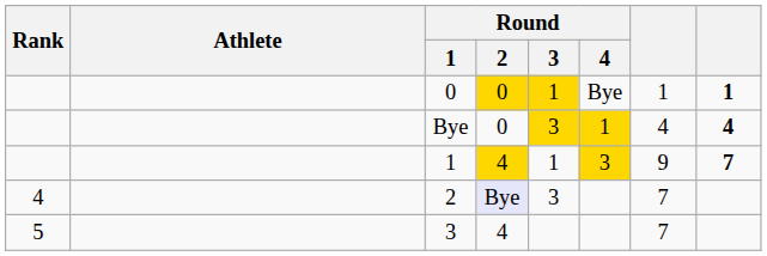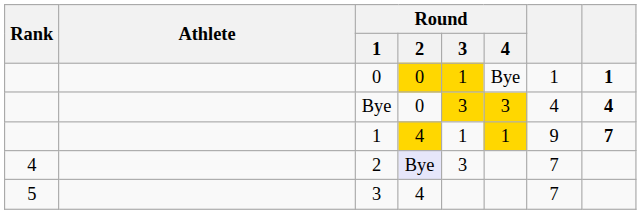 <table class="wikitable" style="text-align: center;">
 <tr>
 <th rowspan="2" width=40>Rank</th>
 <th rowspan="2" width=250>Athlete</th>
 <th colspan="4">Round</th>
 <th rowspan="2" width=40></th>
 <th rowspan="2" width=40></th>
 </tr>
 <tr>
 <th width=30>1</th>
 <th width=30>2</th>
 <th width=30>3</th>
 <th width=30>4</th>
 </tr>
 <tr>
 <td></td>
 <td align="left"></td>
 <td>0</td>
 <td bgcolor=gold>0</td>
 <td bgcolor=gold>1</td>
 <td>Bye</td>
 <td>1</td>
 <td><strong>1</strong></td>
 </tr>
 <tr>
 <td></td>
 <td align="left"></td>
 <td>Bye</td>
 <td>0</td>
 <td bgcolor=gold>3</td>
-<td bgcolor=gold>1</td>
+<td bgcolor=gold>3</td>
 <td>4</td>
 <td><strong>4</strong></td>
 </tr>
 <tr>
 <td></td>
 <td align="left"></td>
 <td>1</td>
 <td bgcolor=gold>4</td>
 <td>1</td>
-<td bgcolor=gold>3</td>
+<td bgcolor=gold>1</td>
 <td>9</td>
 <td><strong>7</strong></td>
 </tr>
 <tr>
 <td>4</td>
 <td align="left"></td>
 <td>2</td>
 <td style="background: lavender;">Bye</td>
 <td>3</td>
 <td></td>
 <td>7</td>
 <td></td>
 </tr>
 <tr>
 <td>5</td>
 <td align="left"></td>
 <td>3</td>
 <td>4</td>
 <td></td>
 <td></td>
 <td>7</td>
 <td></td>
 </tr>
 </table>
